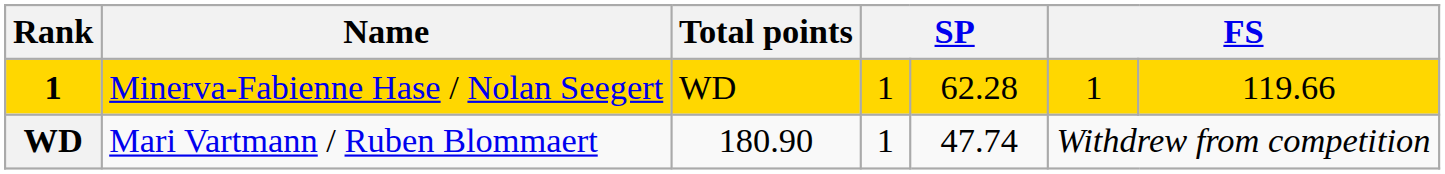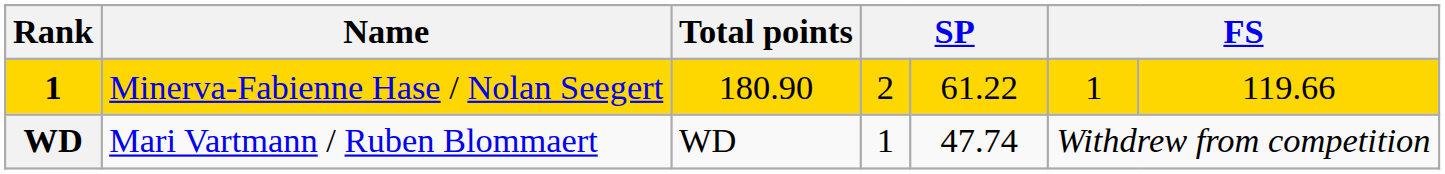 <table class="wikitable sortable">
 <tr>
 <th>Rank</th>
 <th>Name</th>
 <th>Total points</th>
 <th colspan="2" width="80px"><a href='#'>SP</a></th>
 <th colspan="2" width="80px"><a href='#'>FS</a></th>
 </tr>
 <tr bgcolor="gold">
 <td align="center"><strong>1</strong></td>
 <td><a href='#'>Minerva-Fabienne Hase</a> / <a href='#'>Nolan Seegert</a></td>
-<td>WD</td>
-<td align="center">1</td>
-<td align="center">62.28</td>
+<td align="center">180.90</td>
+<td align="center">2</td>
+<td align="center">61.22</td>
 <td align="center">1</td>
 <td align="center">119.66</td>
 </tr>
 <tr>
 <th>WD</th>
 <td><a href='#'>Mari Vartmann</a> / <a href='#'>Ruben Blommaert</a></td>
-<td align="center">180.90</td>
+<td>WD</td>
 <td align="center">1</td>
 <td align="center">47.74</td>
 <td colspan="2"><em>Withdrew from competition</em></td>
 </tr>
 </table>
